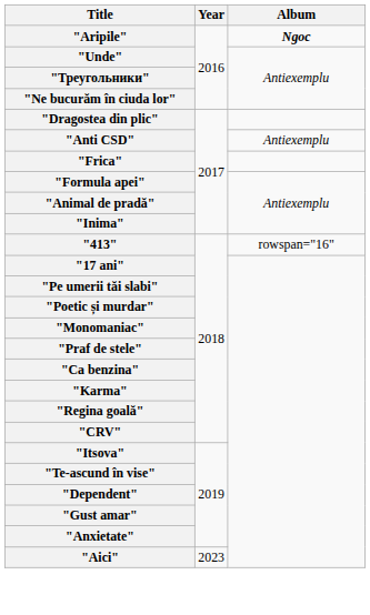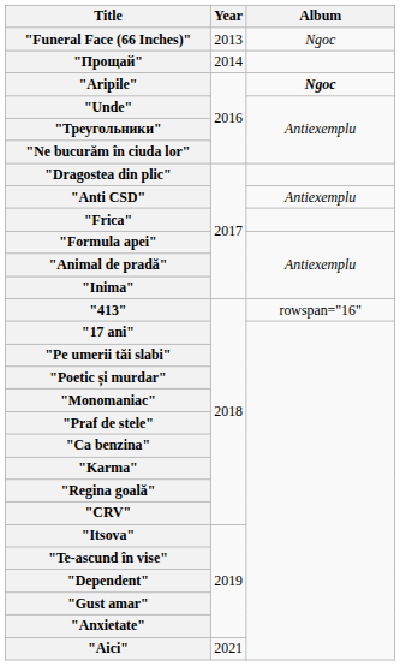 <table class="wikitable plainrowheaders" style="text-align:center;">
 <tr>
 <th scope="col" style="width:14em;">Title</th>
 <th scope="col" style="width:1em;">Year</th>
 <th scope="col" style="width:10em;">Album</th>
+</tr>
+<tr>
+<th scope="row">"Funeral Face (66 Inches)"</th>
+<td>2013</td>
+<td><em>Ngoc</em></td>
+</tr>
+<tr>
+<th scope="row">"Прощай"</th>
+<td>2014</td>
+<td></td>
 </tr>
 <tr>
 <th scope="row">"Aripile"</th>
 <td rowspan="4">2016</td>
 <td><strong><em>Ngoc</em></strong></td>
 </tr>
 <tr>
 <th scope="row">"Unde"</th>
 <td rowspan="3"><em>Antiexemplu</em></td>
 </tr>
 <tr>
 <th scope="row">"Треугольники"</th>
 </tr>
 <tr>
 <th scope="row">"Ne bucurăm în ciuda lor"</th>
 </tr>
 <tr>
 <th scope="row">"Dragostea din plic"</th>
 <td rowspan="6">2017</td>
 <td></td>
 </tr>
 <tr>
 <th scope="row">"Anti CSD"</th>
 <td><em>Antiexemplu</em></td>
 </tr>
 <tr>
 <th scope="row">"Frica"</th>
 <td></td>
 </tr>
 <tr>
 <th scope="row">"Formula apei"</th>
 <td rowspan="3"><em>Antiexemplu</em></td>
 </tr>
 <tr>
 <th scope="row">"Animal de pradă"</th>
 </tr>
 <tr>
 <th scope="row">"Inima"<br></th>
 </tr>
 <tr>
 <th scope="row">"413"</th>
 <td rowspan="10">2018</td>
 <td>rowspan="16" </td>
 </tr>
 <tr>
 <th scope="row">"17 ani"</th>
 </tr>
 <tr>
 <th scope="row">"Pe umerii tăi slabi"</th>
 </tr>
 <tr>
 <th scope="row">"Poetic și murdar"</th>
 </tr>
 <tr>
 <th scope="row">"Monomaniac"</th>
 </tr>
 <tr>
 <th scope="row">"Praf de stele"</th>
 </tr>
 <tr>
 <th scope="row">"Ca benzina"</th>
 </tr>
 <tr>
 <th scope="row">"Karma"</th>
 </tr>
 <tr>
 <th scope="row">"Regina goală"</th>
 </tr>
 <tr>
 <th scope="row">"CRV"</th>
 </tr>
 <tr>
 <th scope="row">"Itsova"</th>
 <td rowspan="5">2019</td>
 </tr>
 <tr>
 <th scope="row">"Te-ascund în vise"</th>
 </tr>
 <tr>
 <th scope="row">"Dependent"</th>
 </tr>
 <tr>
 <th scope="row">"Gust amar"</th>
 </tr>
 <tr>
 <th scope="row">"Anxietate"<br></th>
 </tr>
 <tr>
 <th scope="row">"Aici"<br></th>
-<td>2023</td>
+<td>2021</td>
 </tr>
 </table>
